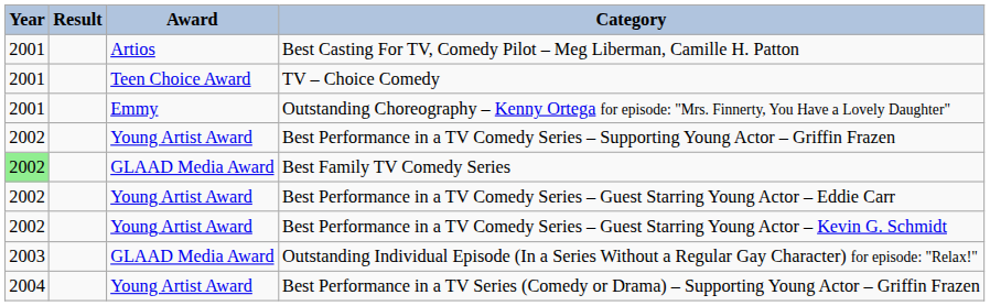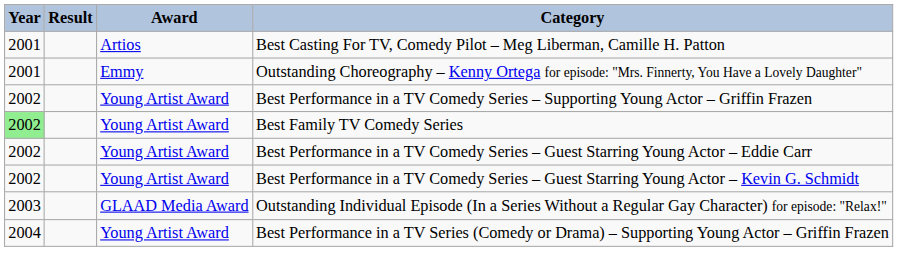 <table class="wikitable" style="font-size: 95%;">
 <tr>
 <th style="background: #B0C4DE;">Year</th>
 <th style="background: #B0C4DE;">Result</th>
 <th style="background: #B0C4DE;">Award</th>
 <th style="background: #B0C4DE;">Category</th>
 </tr>
 <tr>
 <td>2001</td>
 <td></td>
 <td><a href='#'>Artios</a></td>
 <td>Best Casting For TV, Comedy Pilot – Meg Liberman, Camille H. Patton</td>
 </tr>
 <tr>
 <td>2001</td>
 <td></td>
-<td><a href='#'>Teen Choice Award</a></td>
-<td>TV – Choice Comedy</td>
-</tr>
-<tr>
-<td>2001</td>
-<td></td>
 <td><a href='#'>Emmy</a></td>
 <td>Outstanding Choreography – <a href='#'>Kenny Ortega</a> <small>for episode: "Mrs. Finnerty, You Have a Lovely Daughter"</small></td>
 </tr>
 <tr>
 <td>2002</td>
 <td></td>
 <td><a href='#'>Young Artist Award</a></td>
 <td>Best Performance in a TV Comedy Series – Supporting Young Actor – Griffin Frazen</td>
 </tr>
 <tr>
 <td style="background: lightgreen;">2002</td>
 <td></td>
-<td><a href='#'>GLAAD Media Award</a></td>
+<td><a href='#'>Young Artist Award</a></td>
 <td>Best Family TV Comedy Series</td>
 </tr>
 <tr>
 <td>2002</td>
 <td></td>
 <td><a href='#'>Young Artist Award</a></td>
 <td>Best Performance in a TV Comedy Series – Guest Starring Young Actor – Eddie Carr</td>
 </tr>
 <tr>
 <td>2002</td>
 <td></td>
 <td><a href='#'>Young Artist Award</a></td>
 <td>Best Performance in a TV Comedy Series – Guest Starring Young Actor – <a href='#'>Kevin G. Schmidt</a></td>
 </tr>
 <tr>
 <td>2003</td>
 <td></td>
 <td><a href='#'>GLAAD Media Award</a></td>
 <td>Outstanding Individual Episode (In a Series Without a Regular Gay Character) <small>for episode: "Relax!"</small></td>
 </tr>
 <tr>
 <td>2004</td>
 <td></td>
 <td><a href='#'>Young Artist Award</a></td>
 <td>Best Performance in a TV Series (Comedy or Drama) – Supporting Young Actor – Griffin Frazen</td>
 </tr>
 </table>
